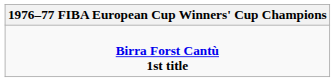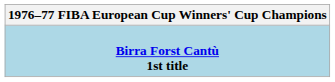 <table class=wikitable style="text-align:center; margin:auto">
 <tr>
 <th>1976–77 FIBA European Cup Winners' Cup Champions</th>
 </tr>
 <tr>
-<td><br> <strong><a href='#'>Birra Forst Cantù</a></strong> <br> <strong>1st title</strong></td>
+<td style="background: lightblue;"><br> <strong><a href='#'>Birra Forst Cantù</a></strong> <br> <strong>1st title</strong></td>
 </tr>
 </table>
